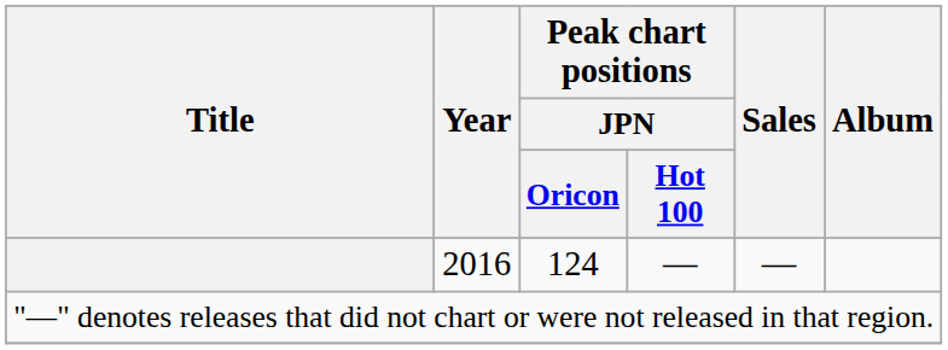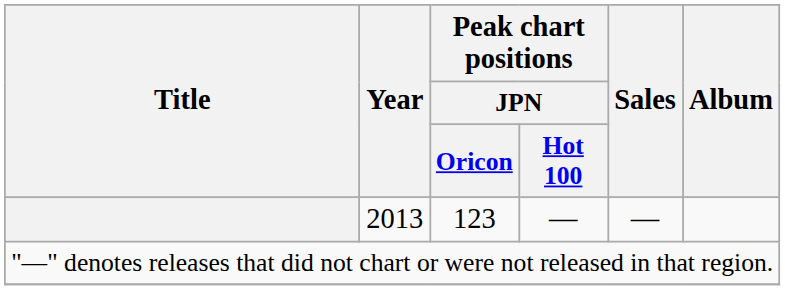 <table class="wikitable plainrowheaders" style="text-align:center;">
 <tr>
 <th scope="col" rowspan="3" style="width:12em;">Title</th>
 <th scope="col" rowspan="3">Year</th>
 <th scope="col" colspan="2">Peak chart positions</th>
 <th scope="col" rowspan="3">Sales</th>
 <th scope="col" rowspan="3">Album</th>
 </tr>
 <tr>
 <th scope="col" style="width:3em;font-size:90%;" colspan="2">JPN</th>
 </tr>
 <tr>
 <th scope="col" style="width:3em;font-size:90%;"><a href='#'>Oricon</a></th>
 <th scope="col" style="width:3em;font-size:90%;"><a href='#'>Hot 100</a></th>
 </tr>
 <tr>
 <th scope="row"><br></th>
-<td>2016</td>
-<td>124</td>
+<td>2013</td>
+<td>123</td>
 <td>—</td>
 <td>—</td>
 <td></td>
 </tr>
 <tr>
 <td colspan="6" style="font-size:90%;">"—" denotes releases that did not chart or were not released in that region.</td>
 </tr>
 <tr>
 </tr>
 </table>
